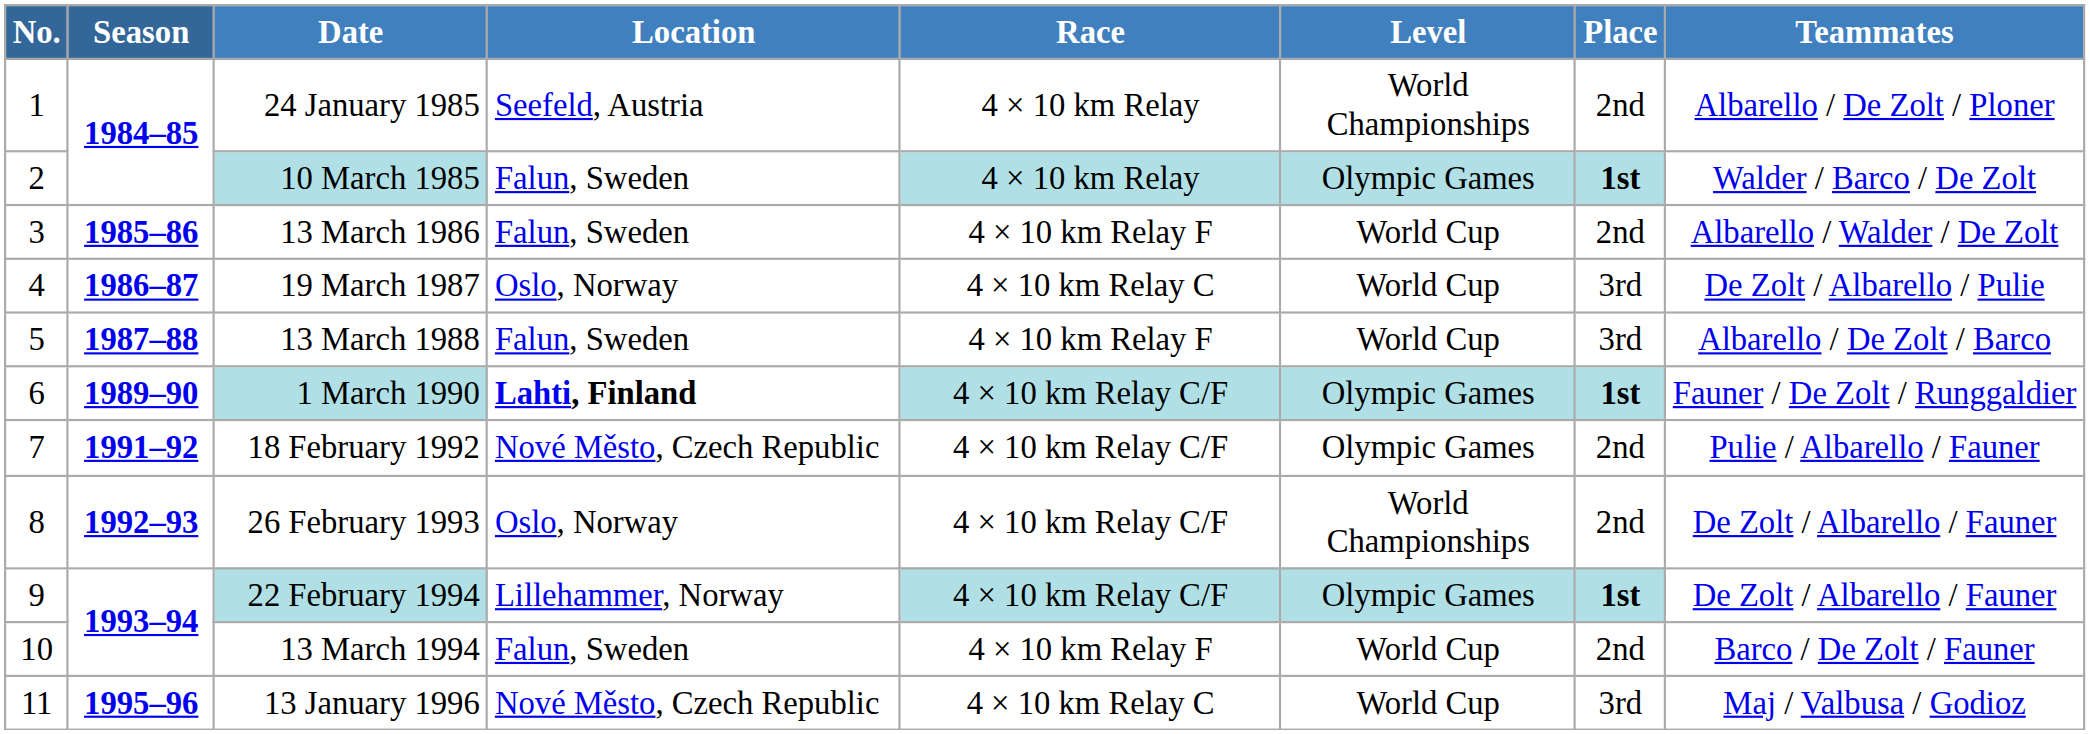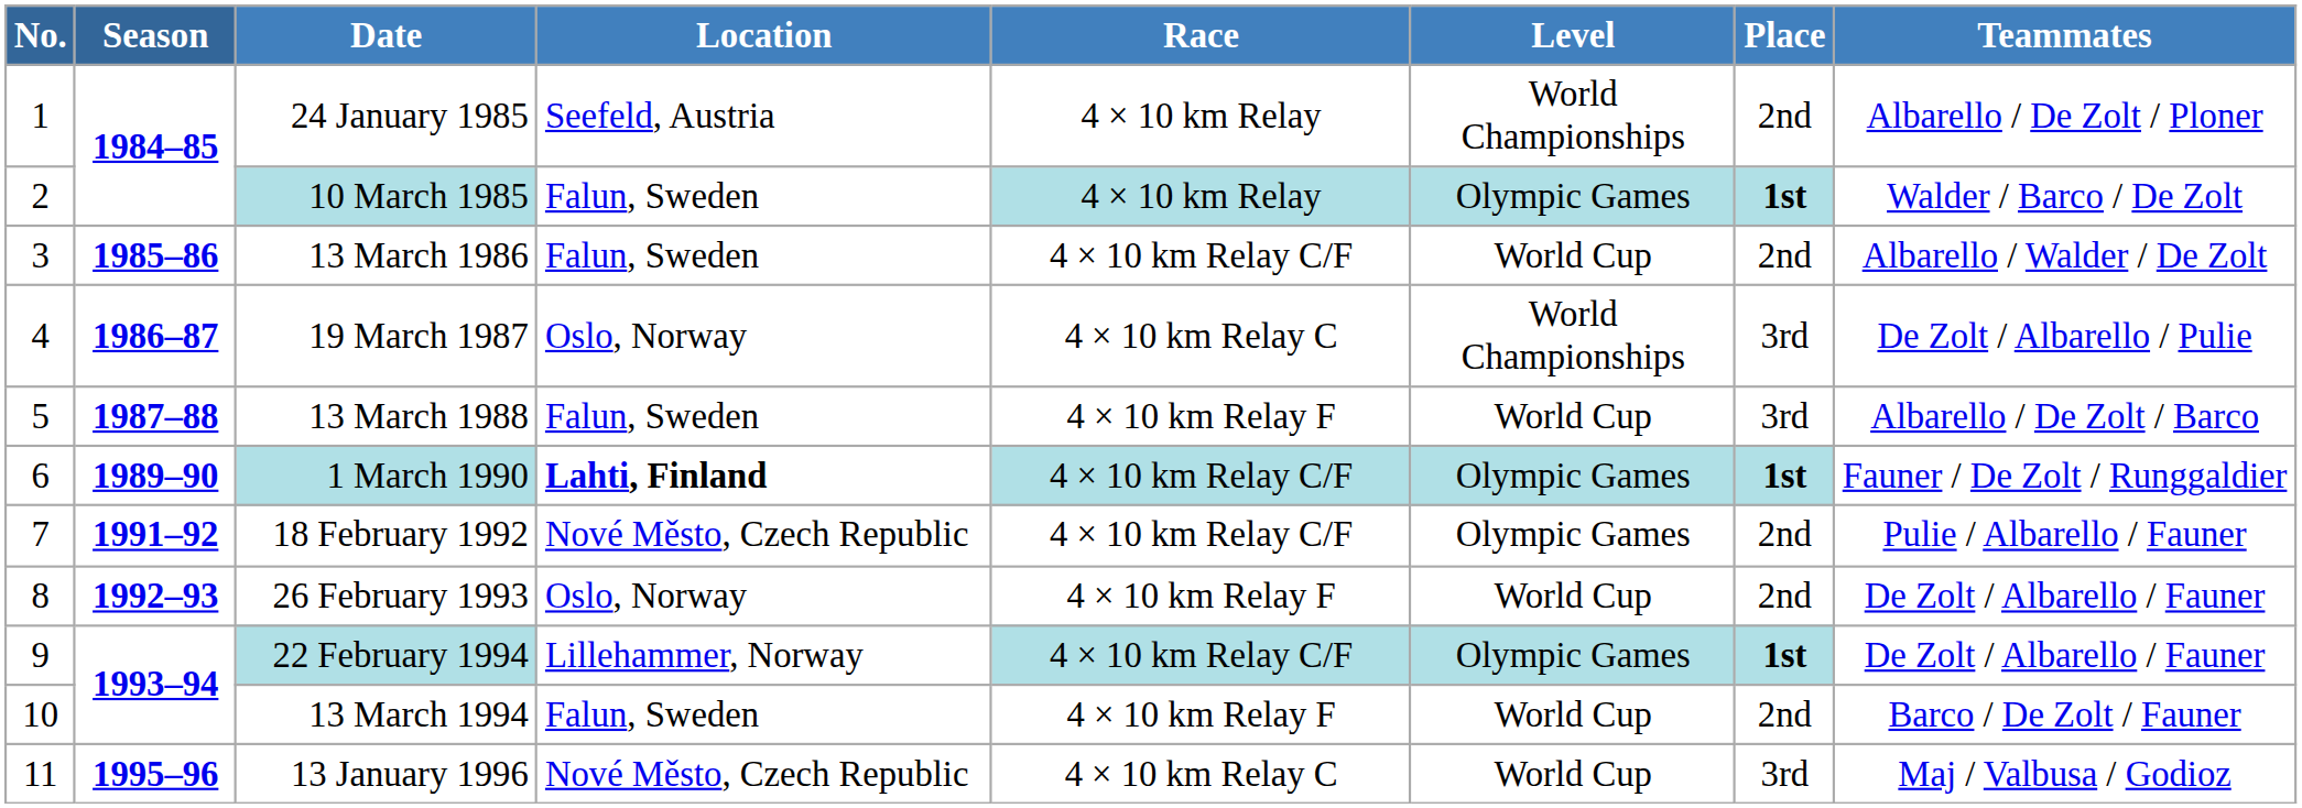 <table class="wikitable sortable" style="font-size:95%; text-align:center; border:grey solid 1px; border-collapse:collapse; background:#ffffff;">
 <tr style="background:#efefef;">
 <th style="background-color:#369; color:white;">No.</th>
 <th style="background-color:#369; color:white;">Season</th>
 <th style="background-color:#4180be; color:white; width:120px;">Date</th>
 <th style="background-color:#4180be; color:white; width:185px;">Location</th>
 <th style="background-color:#4180be; color:white; width:170px;">Race</th>
 <th style="background-color:#4180be; color:white; width:130px;">Level</th>
 <th style="background-color:#4180be; color:white;">Place</th>
 <th style="background-color:#4180be; color:white;">Teammates</th>
 </tr>
 <tr>
 <td align=center>1</td>
 <td rowspan=2 align=center><strong> <a href='#'>1984–85</a> </strong></td>
 <td align=right>24 January 1985</td>
 <td align=left> <a href='#'>Seefeld</a>, Austria</td>
 <td>4 × 10 km Relay</td>
 <td>World Championships</td>
 <td>2nd</td>
 <td><a href='#'>Albarello</a> / <a href='#'>De Zolt</a> / <a href='#'>Ploner</a></td>
 </tr>
 <tr>
 <td align=center>2</td>
 <td bgcolor="#BOEOE6" align=right>10 March 1985</td>
 <td align=left> <a href='#'>Falun</a>, Sweden</td>
 <td bgcolor="#BOEOE6">4 × 10 km Relay</td>
 <td bgcolor="#BOEOE6">Olympic Games</td>
 <td bgcolor="#BOEOE6"><strong>1st</strong></td>
 <td><a href='#'>Walder</a> / <a href='#'>Barco</a> / <a href='#'>De Zolt</a></td>
 </tr>
 <tr>
 <td align=center>3</td>
 <td rowspan=1 align=center><strong> <a href='#'>1985–86</a> </strong></td>
 <td align=right>13 March 1986</td>
 <td align=left> <a href='#'>Falun</a>, Sweden</td>
-<td>4 × 10 km Relay F</td>
+<td>4 × 10 km Relay C/F</td>
 <td>World Cup</td>
 <td>2nd</td>
 <td><a href='#'>Albarello</a> /  <a href='#'>Walder</a> / <a href='#'>De Zolt</a></td>
 </tr>
 <tr>
 <td align=center>4</td>
 <td rowspan=1 align=center><strong> <a href='#'>1986–87</a> </strong></td>
 <td align=right>19 March 1987</td>
 <td align=left> <a href='#'>Oslo</a>, Norway</td>
 <td>4 × 10 km Relay C</td>
-<td>World Cup</td>
+<td>World Championships</td>
 <td>3rd</td>
 <td><a href='#'>De Zolt</a> / <a href='#'>Albarello</a> / <a href='#'>Pulie</a></td>
 </tr>
 <tr>
 <td align=center>5</td>
 <td rowspan=1 align=center><strong> <a href='#'>1987–88</a> </strong></td>
 <td align=right>13 March 1988</td>
 <td align=left> <a href='#'>Falun</a>, Sweden</td>
 <td>4 × 10 km Relay F</td>
 <td>World Cup</td>
 <td>3rd</td>
 <td><a href='#'>Albarello</a> / <a href='#'>De Zolt</a> / <a href='#'>Barco</a></td>
 </tr>
 <tr>
 <td align=center>6</td>
 <td rowspan=1 align=center><strong><a href='#'>1989–90</a></strong></td>
 <td bgcolor="#BOEOE6" align=right>1 March 1990</td>
 <td align=left><strong> <a href='#'>Lahti</a>, Finland</strong></td>
 <td bgcolor="#BOEOE6">4 × 10 km Relay C/F</td>
 <td bgcolor="#BOEOE6">Olympic Games</td>
 <td bgcolor="#BOEOE6"><strong>1st</strong></td>
 <td><a href='#'>Fauner</a> / <a href='#'>De Zolt</a> / <a href='#'>Runggaldier</a></td>
 </tr>
 <tr>
 <td align=center>7</td>
 <td rowspan=1 align=center><strong> <a href='#'>1991–92</a> </strong></td>
 <td align=right>18 February 1992</td>
 <td align=left> <a href='#'>Nové Město</a>, Czech Republic</td>
 <td>4 × 10 km Relay C/F</td>
 <td>Olympic Games</td>
 <td>2nd</td>
 <td><a href='#'>Pulie</a> / <a href='#'>Albarello</a> / <a href='#'>Fauner</a></td>
 </tr>
 <tr>
 <td align=center>8</td>
 <td rowspan=1 align=center><strong> <a href='#'>1992–93</a> </strong></td>
 <td align=right>26 February 1993</td>
 <td align=left> <a href='#'>Oslo</a>, Norway</td>
-<td>4 × 10 km Relay C/F</td>
-<td>World Championships</td>
+<td>4 × 10 km Relay F</td>
+<td>World Cup</td>
 <td>2nd</td>
 <td><a href='#'>De Zolt</a> / <a href='#'>Albarello</a> / <a href='#'>Fauner</a></td>
 </tr>
 <tr>
 <td align=center>9</td>
 <td rowspan=2 align=center><strong><a href='#'>1993–94</a></strong></td>
 <td bgcolor="#BOEOE6" align=right>22 February 1994</td>
 <td align=left> <a href='#'>Lillehammer</a>, Norway</td>
 <td bgcolor="#BOEOE6">4 × 10 km Relay C/F</td>
 <td bgcolor="#BOEOE6">Olympic Games</td>
 <td bgcolor="#BOEOE6"><strong>1st</strong></td>
 <td><a href='#'>De Zolt</a> / <a href='#'>Albarello</a> / <a href='#'>Fauner</a></td>
 </tr>
 <tr>
 <td align=center>10</td>
 <td align=right>13 March 1994</td>
 <td align=left> <a href='#'>Falun</a>, Sweden</td>
 <td>4 × 10 km Relay F</td>
 <td>World Cup</td>
 <td>2nd</td>
 <td><a href='#'>Barco</a> / <a href='#'>De Zolt</a> / <a href='#'>Fauner</a></td>
 </tr>
 <tr>
 <td align=center>11</td>
 <td rowspan=1 align=center><strong> <a href='#'>1995–96</a> </strong></td>
 <td align=right>13 January 1996</td>
 <td align=left> <a href='#'>Nové Město</a>, Czech Republic</td>
 <td>4 × 10 km Relay C</td>
 <td>World Cup</td>
 <td>3rd</td>
 <td><a href='#'>Maj</a> / <a href='#'>Valbusa</a> / <a href='#'>Godioz</a></td>
 </tr>
 </table>
